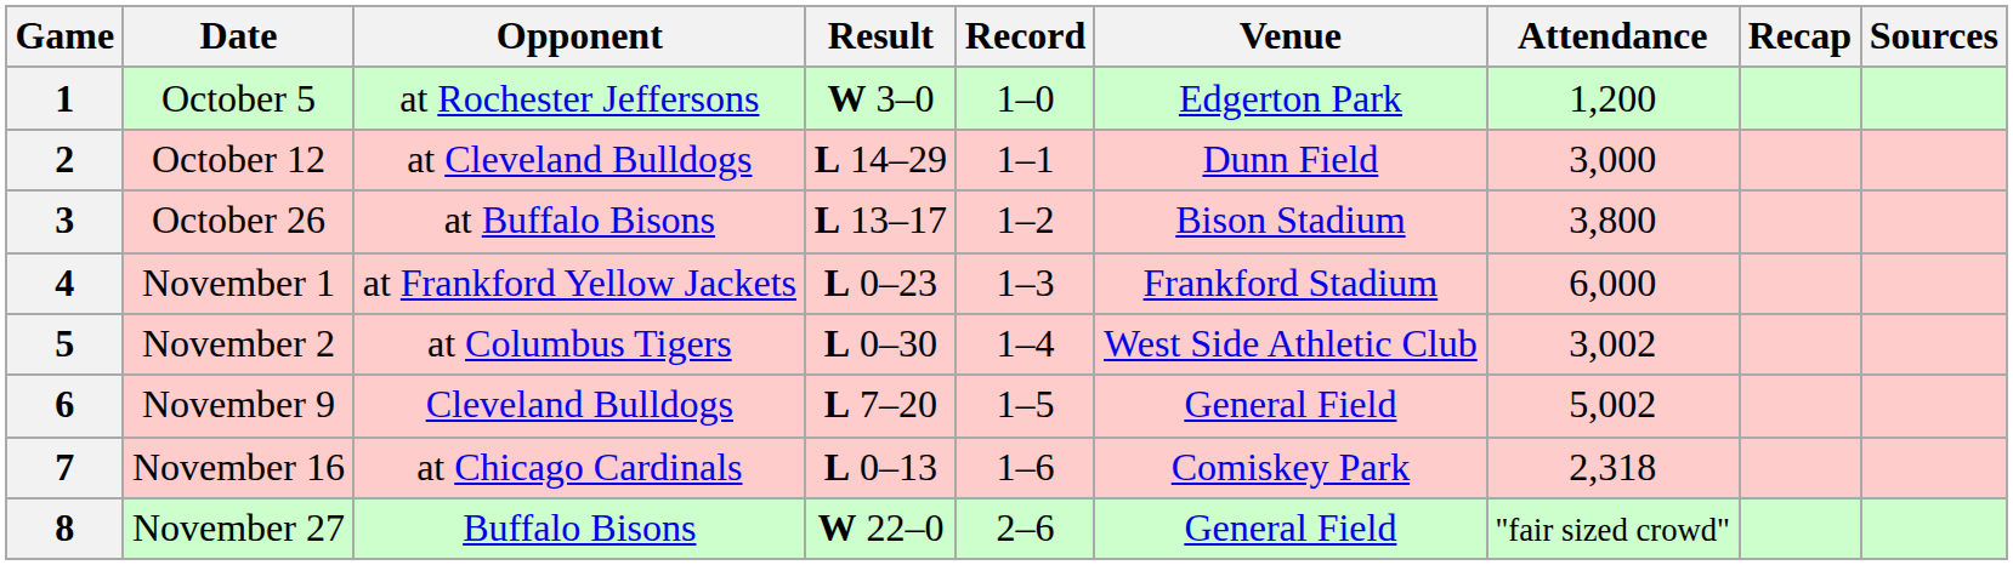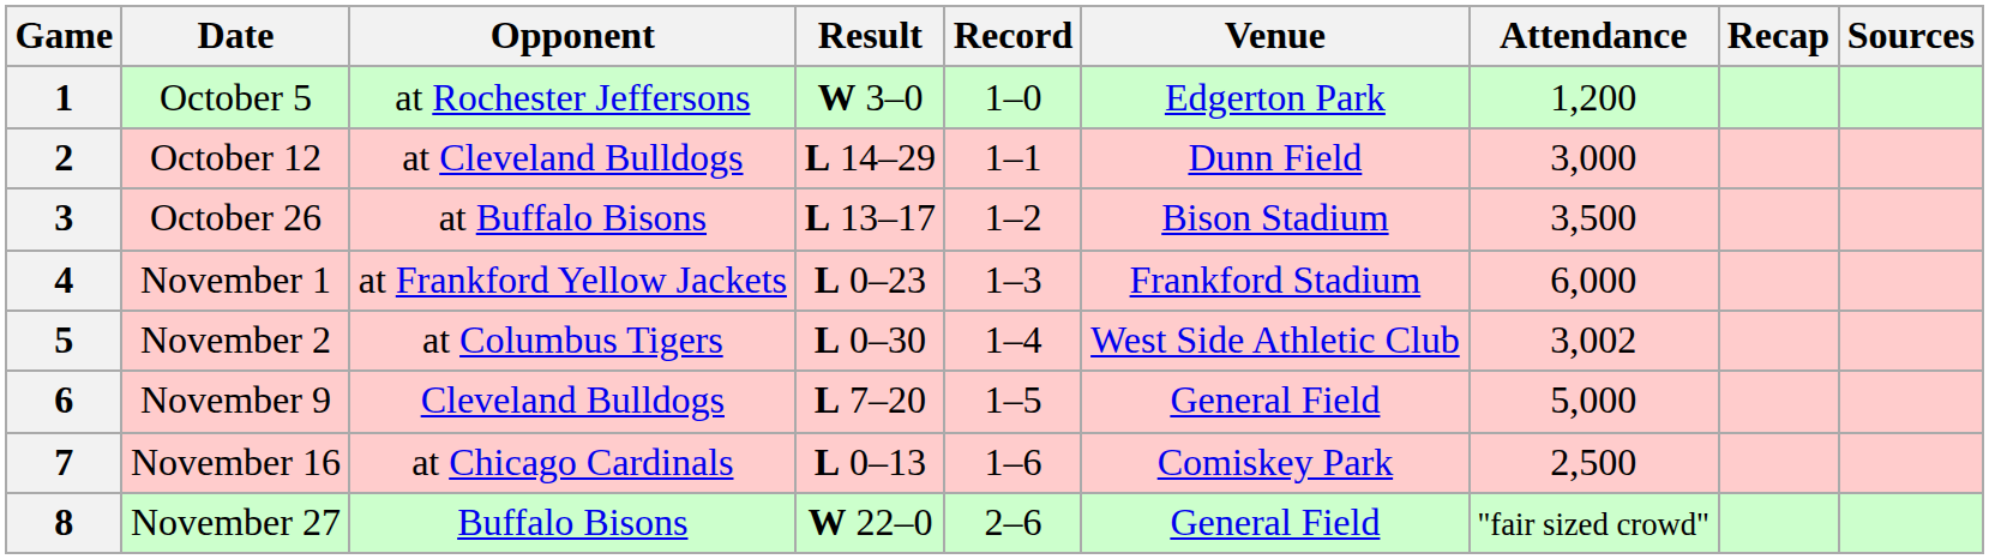 <table class="wikitable" style="text-align:center">
 <tr>
 <th>Game</th>
 <th>Date</th>
 <th>Opponent</th>
 <th>Result</th>
 <th>Record</th>
 <th>Venue</th>
 <th>Attendance</th>
 <th>Recap</th>
 <th>Sources</th>
 </tr>
 <tr style="background:#cfc">
 <th>1</th>
 <td>October 5</td>
 <td>at <a href='#'>Rochester Jeffersons</a></td>
 <td><strong>W</strong> 3–0</td>
 <td>1–0</td>
 <td><a href='#'>Edgerton Park</a></td>
 <td>1,200</td>
 <td></td>
 <td></td>
 </tr>
 <tr style="background:#fcc">
 <th>2</th>
 <td>October 12</td>
 <td>at <a href='#'>Cleveland Bulldogs</a></td>
 <td><strong>L</strong> 14–29</td>
 <td>1–1</td>
 <td><a href='#'>Dunn Field</a></td>
 <td>3,000</td>
 <td></td>
 <td></td>
 </tr>
 <tr style="background:#fcc">
 <th>3</th>
 <td>October 26</td>
 <td>at <a href='#'>Buffalo Bisons</a></td>
 <td><strong>L</strong> 13–17</td>
 <td>1–2</td>
 <td><a href='#'>Bison Stadium</a></td>
-<td>3,800</td>
+<td>3,500</td>
 <td></td>
 <td></td>
 </tr>
 <tr style="background:#fcc">
 <th>4</th>
 <td>November 1</td>
 <td>at <a href='#'>Frankford Yellow Jackets</a></td>
 <td><strong>L</strong> 0–23</td>
 <td>1–3</td>
 <td><a href='#'>Frankford Stadium</a></td>
 <td>6,000 </td>
 <td></td>
 <td></td>
 </tr>
 <tr style="background:#fcc">
 <th>5</th>
 <td>November 2</td>
 <td>at <a href='#'>Columbus Tigers</a></td>
 <td><strong>L</strong> 0–30</td>
 <td>1–4</td>
 <td><a href='#'>West Side Athletic Club</a></td>
 <td>3,002</td>
 <td></td>
 <td></td>
 </tr>
 <tr style="background:#fcc">
 <th>6</th>
 <td>November 9</td>
 <td><a href='#'>Cleveland Bulldogs</a></td>
 <td><strong>L</strong> 7–20</td>
 <td>1–5</td>
 <td><a href='#'>General Field</a></td>
-<td>5,002</td>
+<td>5,000</td>
 <td></td>
 <td></td>
 </tr>
 <tr style="background:#fcc">
 <th>7</th>
 <td>November 16</td>
 <td>at <a href='#'>Chicago Cardinals</a></td>
 <td><strong>L</strong> 0–13</td>
 <td>1–6</td>
 <td><a href='#'>Comiskey Park</a></td>
-<td>2,318</td>
+<td>2,500</td>
 <td></td>
 <td></td>
 </tr>
 <tr style="background:#cfc">
 <th>8</th>
 <td>November 27</td>
 <td><a href='#'>Buffalo Bisons</a></td>
 <td><strong>W</strong> 22–0</td>
 <td>2–6</td>
 <td><a href='#'>General Field</a></td>
 <td><small>"fair sized crowd"</small></td>
 <td></td>
 <td></td>
 </tr>
 </table>
